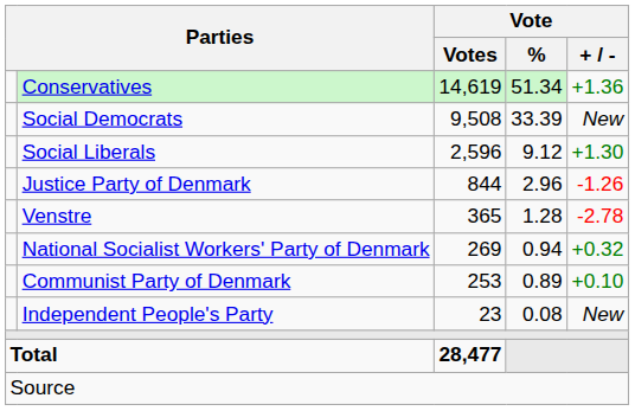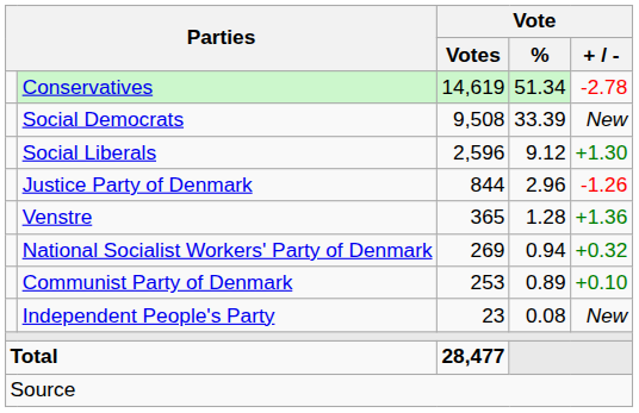 <table class="wikitable" style="text-align:right;">
 <tr>
 <th style="text-align:centre;" rowspan="2" colspan="2" width="225">Parties</th>
 <th colspan="3">Vote</th>
 </tr>
 <tr>
 <th width="15">Votes</th>
 <th width="15">%</th>
 <th width="15">+ / -</th>
 </tr>
 <tr>
 <td width="2" style="color:inherit;background:"></td>
 <td bgcolor=#ccf7cc  align="left"><a href='#'>Conservatives</a></td>
 <td bgcolor=#ccf7cc>14,619</td>
 <td bgcolor=#ccf7cc>51.34</td>
-<td style=color:green;>+1.36</td>
+<td style=color:red;>-2.78</td>
 </tr>
 <tr>
 <td width="2" style="color:inherit;background:"></td>
 <td align="left"><a href='#'>Social Democrats</a></td>
 <td>9,508</td>
 <td>33.39</td>
 <td><em>New</em></td>
 </tr>
 <tr>
 <td width="2" style="color:inherit;background:"></td>
 <td align="left"><a href='#'>Social Liberals</a></td>
 <td>2,596</td>
 <td>9.12</td>
 <td style=color:green;>+1.30</td>
 </tr>
 <tr>
 <td width="2" style="color:inherit;background:"></td>
 <td align="left"><a href='#'>Justice Party of Denmark</a></td>
 <td>844</td>
 <td>2.96</td>
 <td style=color:red;>-1.26</td>
 </tr>
 <tr>
 <td width="2" style="color:inherit;background:"></td>
 <td align="left"><a href='#'>Venstre</a></td>
 <td>365</td>
 <td>1.28</td>
-<td style=color:red;>-2.78</td>
+<td style=color:green;>+1.36</td>
 </tr>
 <tr>
 <td width="2" style="color:inherit;background:"></td>
 <td align="left"><a href='#'>National Socialist Workers' Party of Denmark</a></td>
 <td>269</td>
 <td>0.94</td>
 <td style=color:green;>+0.32</td>
 </tr>
 <tr>
 <td width="2" style="color:inherit;background:"></td>
 <td align="left"><a href='#'>Communist Party of Denmark</a></td>
 <td>253</td>
 <td>0.89</td>
 <td style=color:green;>+0.10</td>
 </tr>
 <tr>
 <td width="2" style="color:inherit;background:"></td>
 <td align="left"><a href='#'>Independent People's Party</a></td>
 <td>23</td>
 <td>0.08</td>
 <td><em>New</em></td>
 </tr>
 <tr>
 <td colspan="7" bgcolor="#E9E9E9"></td>
 </tr>
 <tr>
 <td align="left" colspan="2"><strong>Total</strong></td>
 <td><strong>28,477</strong></td>
 <td bgcolor="#E9E9E9" colspan="2"></td>
 </tr>
 <tr>
 <td align="left" colspan="6">Source</td>
 </tr>
 </table>
